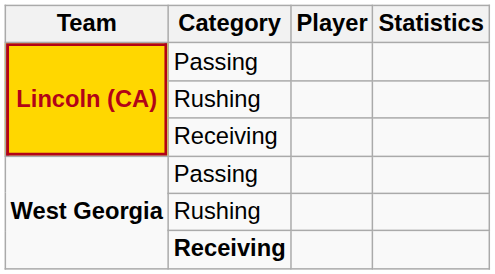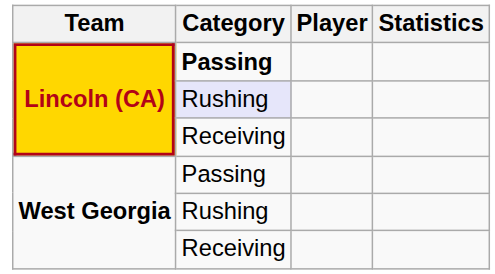 <table class="wikitable" style="float: right;">
 <tr>
 <th>Team</th>
 <th>Category</th>
 <th>Player</th>
 <th>Statistics</th>
 </tr>
 <tr>
 <td rowspan=3 style="background-color:gold;color:#B20317;box-shadow: inset 2px 2px 0 #B20317, inset -2px -2px 0 #B20317; text-align:center;"><strong>Lincoln (CA)</strong></td>
-<td>Passing</td>
+<td><strong>Passing</strong></td>
 <td></td>
 <td></td>
 </tr>
 <tr>
-<td>Rushing</td>
+<td style="background: lavender;">Rushing</td>
 <td></td>
 <td></td>
 </tr>
 <tr>
 <td>Receiving</td>
 <td></td>
 <td></td>
 </tr>
 <tr>
 <td rowspan=3><strong>West Georgia</strong></td>
 <td>Passing</td>
 <td></td>
 <td></td>
 </tr>
 <tr>
 <td>Rushing</td>
 <td></td>
 <td></td>
 </tr>
 <tr>
-<td><strong>Receiving</strong></td>
+<td>Receiving</td>
 <td></td>
 <td></td>
 </tr>
 </table>
